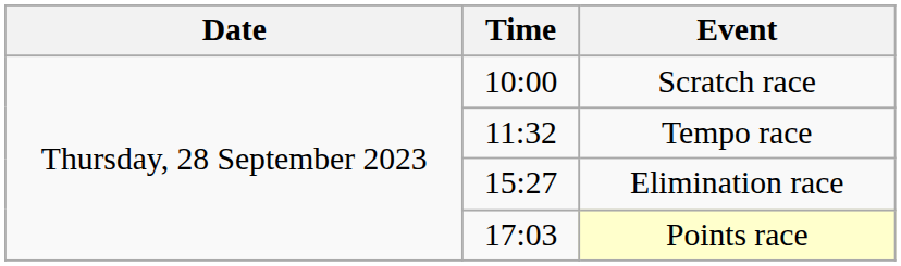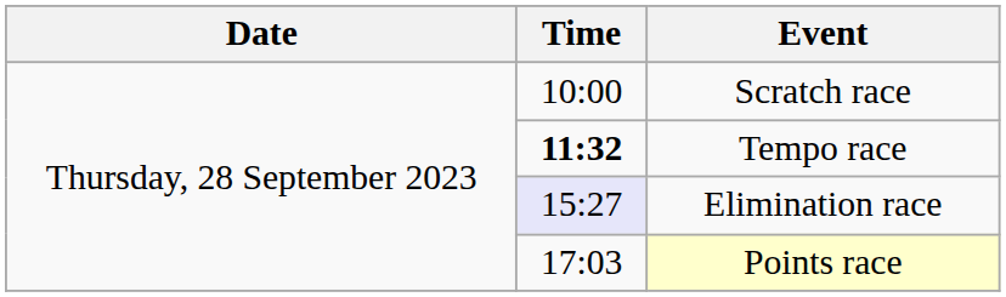 <table class = "wikitable" style="text-align:center;">
 <tr>
 <th width=220>Date</th>
 <th width=50>Time</th>
 <th width=150>Event</th>
 </tr>
 <tr>
 <td rowspan=4>Thursday, 28 September 2023</td>
 <td>10:00</td>
 <td>Scratch race</td>
 </tr>
 <tr>
-<td>11:32</td>
+<td><strong>11:32</strong></td>
 <td>Tempo race</td>
 </tr>
 <tr>
-<td>15:27</td>
+<td style="background: lavender;">15:27</td>
 <td>Elimination race</td>
 </tr>
 <tr>
 <td>17:03</td>
 <td bgcolor=ffffcc>Points race</td>
 </tr>
 </table>
